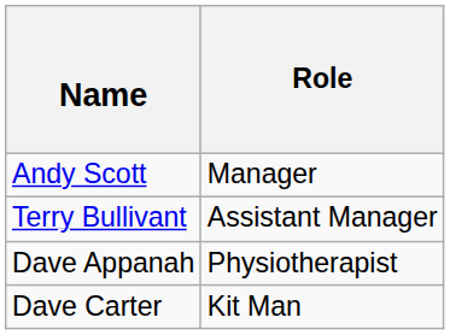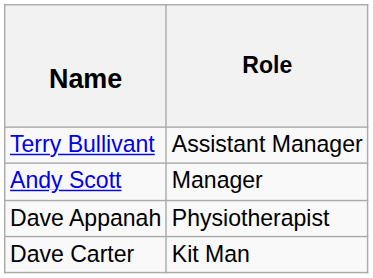 <table class="wikitable">
 <tr>
 <th><br><h3>Name</h3></th>
 <th>Role</th>
 </tr>
 <tr>
+<td> <a href='#'>Terry Bullivant</a></td>
+<td>Assistant Manager</td>
+</tr>
+<tr>
 <td> <a href='#'>Andy Scott</a></td>
 <td>Manager</td>
-</tr>
-<tr>
-<td> <a href='#'>Terry Bullivant</a></td>
-<td>Assistant Manager</td>
 </tr>
 <tr>
 <td> Dave Appanah</td>
 <td>Physiotherapist</td>
 </tr>
 <tr>
 <td> Dave Carter</td>
 <td>Kit Man</td>
 </tr>
 </table>
